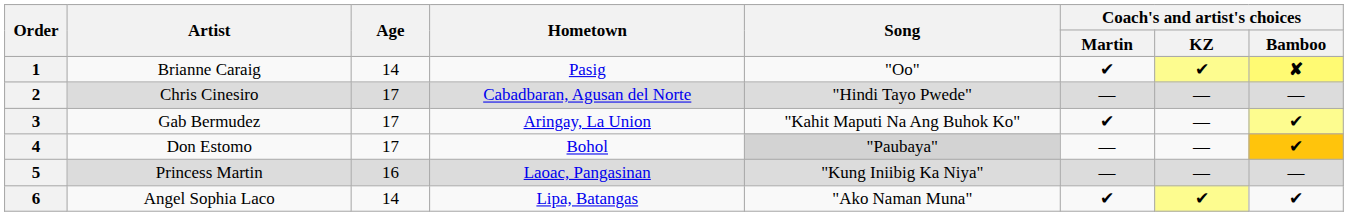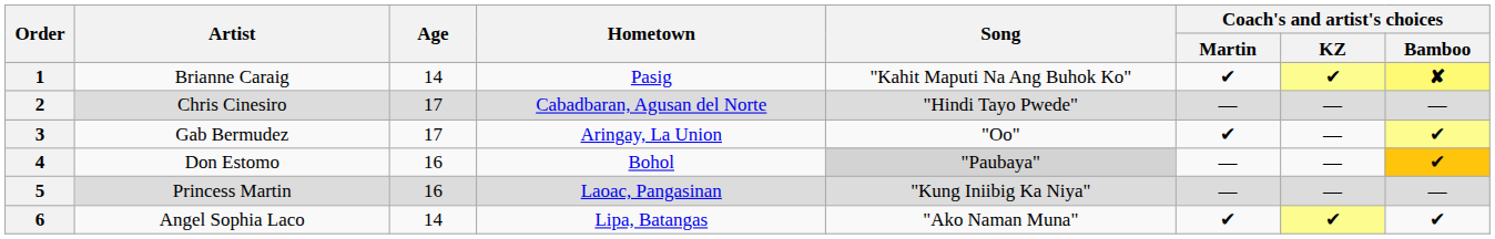 <table class="wikitable" style="text-align:center; line-height:17px; width:100%">
 <tr>
 <th rowspan="2" scope="col" style="width:04%">Order</th>
 <th rowspan="2" scope="col" style="width:18%">Artist</th>
 <th rowspan="2" scope="col" style="width:05%">Age</th>
 <th rowspan="2" scope="col" style="width:20%">Hometown</th>
 <th rowspan="2" scope="col" style="width:20%">Song</th>
 <th colspan="3">Coach's and artist's choices</th>
 </tr>
 <tr>
 <th style="width:06%">Martin</th>
 <th style="width:06%">KZ</th>
 <th style="width:06%">Bamboo</th>
 </tr>
 <tr>
 <th>1</th>
 <td>Brianne Caraig</td>
 <td>14</td>
 <td><a href='#'>Pasig</a></td>
-<td>"Oo"</td>
+<td>"Kahit Maputi Na Ang Buhok Ko"</td>
 <td>✔</td>
 <td style="background:#fdfc8f;">✔</td>
 <td style="background-color:#fffa73;"><strong>✘</strong></td>
 </tr>
 <tr style="background:#DCDCDC; " |>
 <th>2</th>
 <td>Chris Cinesiro</td>
 <td>17</td>
 <td><a href='#'>Cabadbaran, Agusan del Norte</a></td>
 <td>"Hindi Tayo Pwede"</td>
 <td>—</td>
 <td>—</td>
 <td>—</td>
 </tr>
 <tr>
 <th>3</th>
 <td>Gab Bermudez</td>
 <td>17</td>
 <td><a href='#'>Aringay, La Union</a></td>
-<td>"Kahit Maputi Na Ang Buhok Ko"</td>
+<td>"Oo"</td>
 <td>✔</td>
 <td>—</td>
 <td style="background:#fdfc8f;">✔</td>
 </tr>
 <tr>
 <th>4</th>
 <td>Don Estomo</td>
-<td>17</td>
+<td>16</td>
 <td><a href='#'>Bohol</a></td>
 <td style="background: lightgrey;">"Paubaya"</td>
 <td>—</td>
 <td>—</td>
 <td style="background:#FFC40C;">✔</td>
 </tr>
 <tr style="background:#DCDCDC; " |>
 <th>5</th>
 <td>Princess Martin</td>
 <td>16</td>
 <td><a href='#'>Laoac, Pangasinan</a></td>
 <td>"Kung Iniibig Ka Niya"</td>
 <td>—</td>
 <td>—</td>
 <td>—</td>
 </tr>
 <tr>
 <th>6</th>
 <td>Angel Sophia Laco</td>
 <td>14</td>
 <td><a href='#'>Lipa, Batangas</a></td>
 <td>"Ako Naman Muna"</td>
 <td>✔</td>
 <td style="background:#fdfc8f;">✔</td>
 <td>✔</td>
 </tr>
 </table>
